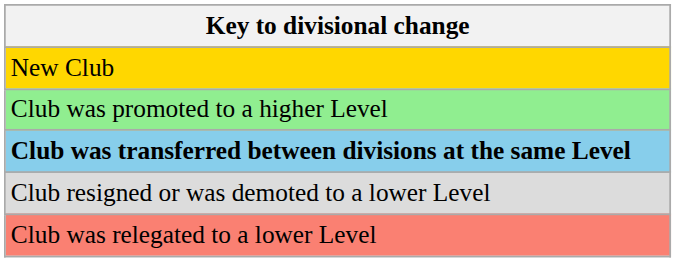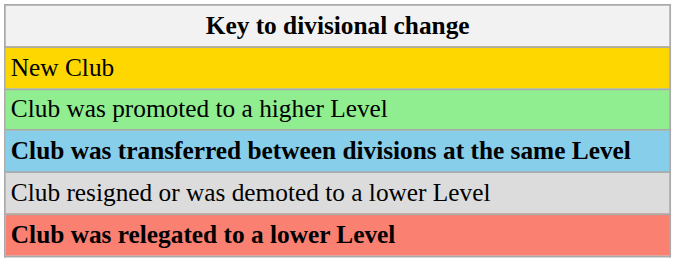 <table class="wikitable" width=30% style="font-size:90%">
 <tr>
 <th width=100%>Key to divisional change</th>
 </tr>
 <tr>
 <td style="background:gold">New Club</td>
 </tr>
 <tr>
 <td style="background:lightgreen">Club was promoted to a higher Level</td>
 </tr>
 <tr>
 <td style="background:skyblue"><strong>Club was transferred between divisions at the same Level</strong></td>
 </tr>
 <tr>
 <td style="background:gainsboro">Club resigned or was demoted to a lower Level</td>
 </tr>
 <tr>
-<td style="background:salmon">Club was relegated to a lower Level</td>
+<td style="background:salmon"><strong>Club was relegated to a lower Level</strong></td>
 </tr>
 </table>
